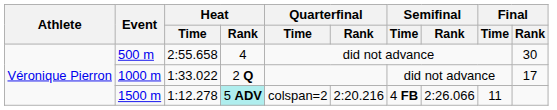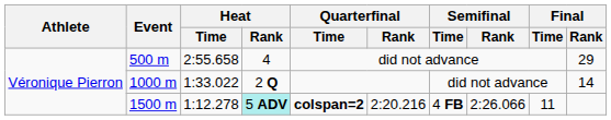 <table class="wikitable" style="font-size:90%">
 <tr>
 <th rowspan=2>Athlete</th>
 <th rowspan=2>Event</th>
 <th colspan=2>Heat</th>
 <th colspan=2>Quarterfinal</th>
 <th colspan=2>Semifinal</th>
 <th colspan=2>Final</th>
 </tr>
 <tr style="font-size:95%">
 <th>Time</th>
 <th>Rank</th>
 <th>Time</th>
 <th>Rank</th>
 <th>Time</th>
 <th>Rank</th>
 <th>Time</th>
 <th>Rank</th>
 </tr>
 <tr align=center>
 <td align=left rowspan=3><a href='#'>Véronique Pierron</a></td>
 <td align=left><a href='#'>500 m</a></td>
 <td>2:55.658</td>
 <td>4</td>
 <td colspan=5>did not advance</td>
-<td>30</td>
+<td>29</td>
 </tr>
 <tr align=center>
 <td align=left><a href='#'>1000 m</a></td>
 <td>1:33.022</td>
 <td>2 <strong>Q</strong></td>
 <td colspan=2></td>
 <td colspan=3>did not advance</td>
-<td>17</td>
+<td>14</td>
 </tr>
 <tr align=center>
 <td align=left><a href='#'>1500 m</a></td>
 <td>1:12.278</td>
 <td style="background: paleturquoise;">5 <strong>ADV</strong></td>
-<td>colspan=2 </td>
+<td><strong>colspan=2 </strong></td>
 <td>2:20.216</td>
 <td>4 <strong>FB</strong></td>
 <td>2:26.066</td>
 <td>11</td>
 </tr>
 </table>
